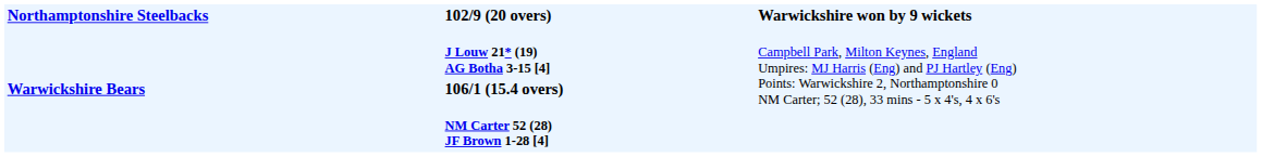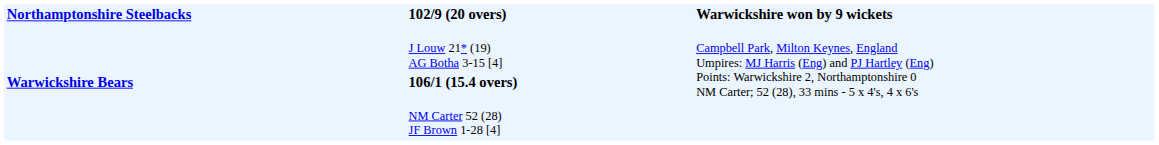 <table style="width:100%; background:#ebf5ff;">
 <tr>
 <td style="width:35%; vertical-align:top;" rowspan="2"><strong><a href='#'>Northamptonshire Steelbacks</a></strong></td>
 <td style="width:25%;"><strong>102/9 (20 overs)</strong></td>
 <td style="width:40%;"><strong>Warwickshire won by 9 wickets</strong></td>
 </tr>
 <tr>
-<td style="font-size: 85%;"><strong><br><a href='#'>J Louw</a> 21<a href='#'>*</a> (19)<br> <a href='#'>AG Botha</a> 3-15 [4]</strong></td>
+<td style="font-size: 85%;"><br><a href='#'>J Louw</a> 21<a href='#'>*</a> (19)<br> <a href='#'>AG Botha</a> 3-15 [4]</td>
 <td style="vertical-align:top; font-size:85%;" rowspan="3"><br><a href='#'>Campbell Park</a>, <a href='#'>Milton Keynes</a>, <a href='#'>England</a><br> Umpires: <a href='#'>MJ Harris</a> (<a href='#'>Eng</a>) and <a href='#'>PJ Hartley</a> (<a href='#'>Eng</a>)<br> Points: Warwickshire 2, Northamptonshire 0<br>NM Carter; 52 (28), 33 mins - 5 x 4's, 4 x 6's</td>
 </tr>
 <tr>
 <td style="vertical-align:top;" rowspan="2"><strong><a href='#'>Warwickshire Bears</a></strong></td>
 <td><strong>106/1 (15.4 overs)</strong></td>
 </tr>
 <tr>
-<td style="font-size: 85%;"><strong><br><a href='#'>NM Carter</a> 52 (28)<br> <a href='#'>JF Brown</a> 1-28 [4]</strong></td>
+<td style="font-size: 85%;"><br><a href='#'>NM Carter</a> 52 (28)<br> <a href='#'>JF Brown</a> 1-28 [4]</td>
 </tr>
 </table>
